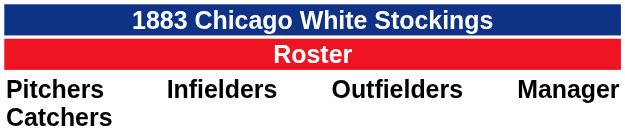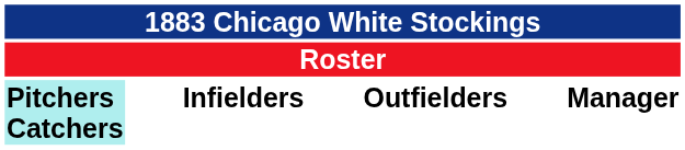 <table class="toccolours" style="font-size: 95%;">
 <tr>
 <th colspan="10" style="background-color: #0e3386; color: white; text-align: center;">1883 Chicago White Stockings</th>
 </tr>
 <tr>
 <td colspan="10" style="background-color: #EE1422; color: white; text-align: center;"><strong>Roster</strong></td>
 </tr>
 <tr>
-<td valign="top"><strong>Pitchers</strong><br>  <strong>Catchers</strong> </td>
+<td valign="top" style="background: paleturquoise;"><strong>Pitchers</strong><br>  <strong>Catchers</strong> </td>
 <td width="25px"></td>
 <td valign="top"><strong>Infielders</strong><br>   </td>
 <td width="25px"></td>
 <td valign="top"><strong>Outfielders</strong><br>   </td>
 <td width="25px"></td>
 <td valign="top"><strong>Manager</strong><br></td>
 </tr>
 <tr>
 </tr>
 </table>
